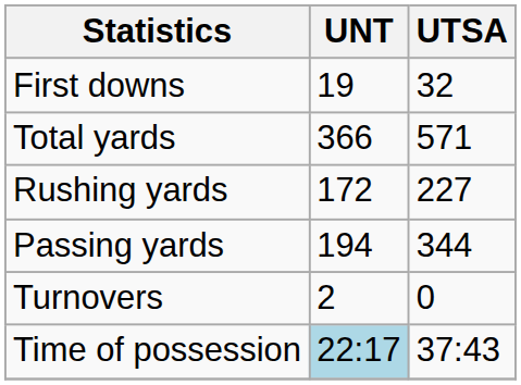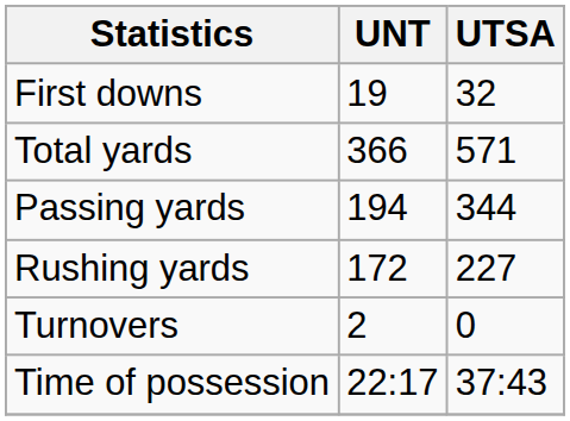 <table class="wikitable">
 <tr>
 <th>Statistics</th>
 <th>UNT</th>
 <th>UTSA</th>
 </tr>
 <tr>
 <td>First downs</td>
 <td>19</td>
 <td>32</td>
 </tr>
 <tr>
 <td>Total yards</td>
 <td>366</td>
 <td>571</td>
 </tr>
 <tr>
+<td>Passing yards</td>
+<td>194</td>
+<td>344</td>
+</tr>
+<tr>
 <td>Rushing yards</td>
 <td>172</td>
 <td>227</td>
-</tr>
-<tr>
-<td>Passing yards</td>
-<td>194</td>
-<td>344</td>
 </tr>
 <tr>
 <td>Turnovers</td>
 <td>2</td>
 <td>0</td>
 </tr>
 <tr>
 <td>Time of possession</td>
-<td style="background: lightblue;">22:17</td>
+<td>22:17</td>
 <td>37:43</td>
 </tr>
 <tr>
 </tr>
 </table>
